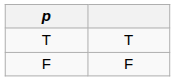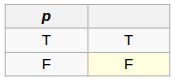 <table class="wikitable" style="margin:1em auto; text-align:center;">
 <tr>
 <th style="width:80px"><em>p</em></th>
 <th style="width:80px"></th>
 </tr>
 <tr>
 <td>T</td>
 <td>T</td>
 </tr>
 <tr>
 <td>F</td>
-<td>F</td>
+<td style="background: lightyellow;">F</td>
 </tr>
 </table>
